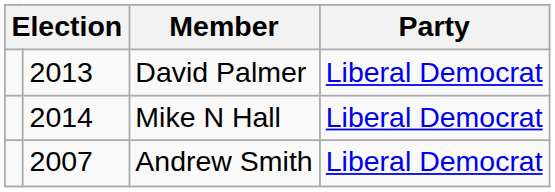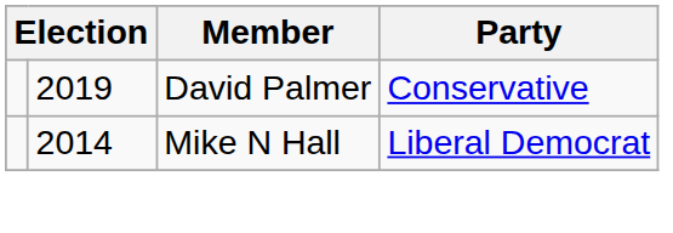 <table class="wikitable">
 <tr>
 <th colspan="2">Election</th>
 <th>Member</th>
 <th>Party</th>
 </tr>
 <tr>
 <td style="background-color: "></td>
-<td>2013</td>
+<td>2019</td>
 <td>David Palmer</td>
-<td><a href='#'>Liberal Democrat</a></td>
+<td><a href='#'>Conservative</a></td>
 </tr>
 <tr>
 <td style="background-color: "></td>
 <td>2014</td>
 <td>Mike N Hall</td>
 <td><a href='#'>Liberal Democrat</a></td>
 </tr>
-<tr>
-<td style="background-color: "></td>
-<td>2007</td>
-<td>Andrew Smith</td>
-<td><a href='#'>Liberal Democrat</a></td>
-</tr>
 </table>
